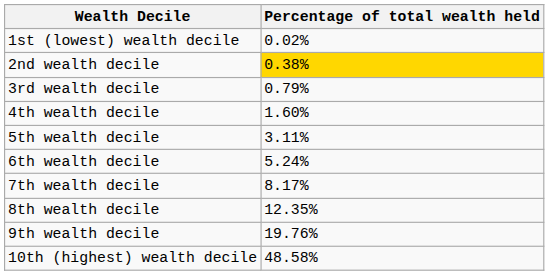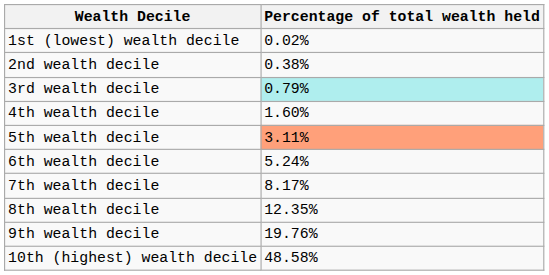 <table class="wikitable">
 <tr>
 <th>Wealth Decile</th>
 <th>Percentage of total wealth held</th>
 </tr>
 <tr>
 <td>1st (lowest) wealth decile</td>
 <td>0.02%</td>
 </tr>
 <tr>
 <td>2nd wealth decile</td>
-<td style="background: gold;">0.38%</td>
+<td>0.38%</td>
 </tr>
 <tr>
 <td>3rd wealth decile</td>
-<td>0.79%</td>
+<td style="background: paleturquoise;">0.79%</td>
 </tr>
 <tr>
 <td>4th wealth decile</td>
 <td>1.60%</td>
 </tr>
 <tr>
 <td>5th wealth decile</td>
-<td>3.11%</td>
+<td style="background: lightsalmon;">3.11%</td>
 </tr>
 <tr>
 <td>6th wealth decile</td>
 <td>5.24%</td>
 </tr>
 <tr>
 <td>7th wealth decile</td>
 <td>8.17%</td>
 </tr>
 <tr>
 <td>8th wealth decile</td>
 <td>12.35%</td>
 </tr>
 <tr>
 <td>9th wealth decile</td>
 <td>19.76%</td>
 </tr>
 <tr>
 <td>10th (highest)  wealth decile</td>
 <td>48.58%</td>
 </tr>
 </table>
